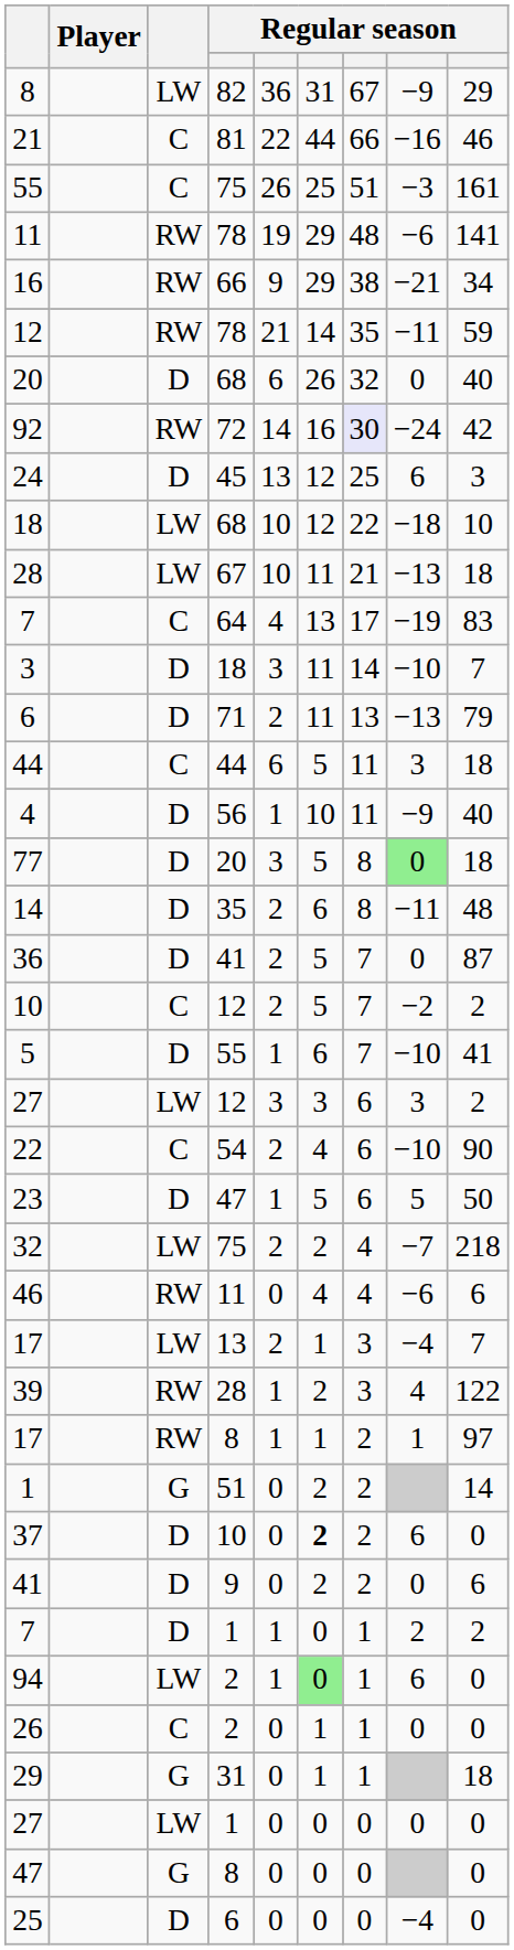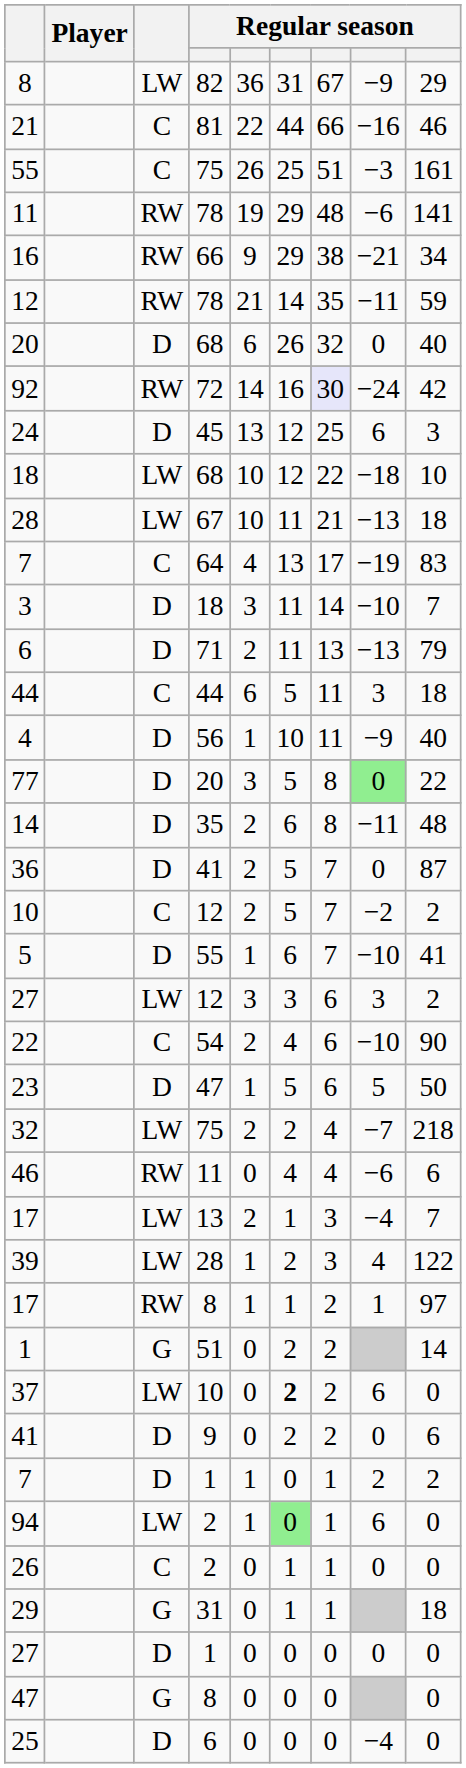 <table class="wikitable sortable plainrowheaders" style="text-align:center;">
 <tr>
 <th scope="col" data-sort-type="number" rowspan="2"></th>
 <th scope="col" rowspan="2">Player</th>
 <th scope="col" rowspan="2"></th>
 <th scope=colgroup colspan=6>Regular season</th>
 </tr>
 <tr>
 <th scope="col" data-sort-type="number"></th>
 <th scope="col" data-sort-type="number"></th>
 <th scope="col" data-sort-type="number"></th>
 <th scope="col" data-sort-type="number"></th>
 <th scope="col" data-sort-type="number"></th>
 <th scope="col" data-sort-type="number"></th>
 </tr>
 <tr>
 <td scope="row">8</td>
 <td align="left"></td>
 <td>LW</td>
 <td>82</td>
 <td>36</td>
 <td>31</td>
 <td>67</td>
 <td>−9</td>
 <td>29</td>
 </tr>
 <tr>
 <td scope="row">21</td>
 <td align="left"></td>
 <td>C</td>
 <td>81</td>
 <td>22</td>
 <td>44</td>
 <td>66</td>
 <td>−16</td>
 <td>46</td>
 </tr>
 <tr>
 <td scope="row">55</td>
 <td align="left"></td>
 <td>C</td>
 <td>75</td>
 <td>26</td>
 <td>25</td>
 <td>51</td>
 <td>−3</td>
 <td>161</td>
 </tr>
 <tr>
 <td scope="row">11</td>
 <td align="left"></td>
 <td>RW</td>
 <td>78</td>
 <td>19</td>
 <td>29</td>
 <td>48</td>
 <td>−6</td>
 <td>141</td>
 </tr>
 <tr>
 <td scope="row">16</td>
 <td align="left"></td>
 <td>RW</td>
 <td>66</td>
 <td>9</td>
 <td>29</td>
 <td>38</td>
 <td>−21</td>
 <td>34</td>
 </tr>
 <tr>
 <td scope="row">12</td>
 <td align="left"></td>
 <td>RW</td>
 <td>78</td>
 <td>21</td>
 <td>14</td>
 <td>35</td>
 <td>−11</td>
 <td>59</td>
 </tr>
 <tr>
 <td scope="row">20</td>
 <td align="left"></td>
 <td>D</td>
 <td>68</td>
 <td>6</td>
 <td>26</td>
 <td>32</td>
 <td>0</td>
 <td>40</td>
 </tr>
 <tr>
 <td scope="row">92</td>
 <td align="left"></td>
 <td>RW</td>
 <td>72</td>
 <td>14</td>
 <td>16</td>
 <td style="background: lavender;">30</td>
 <td>−24</td>
 <td>42</td>
 </tr>
 <tr>
 <td scope="row">24</td>
 <td align="left"></td>
 <td>D</td>
 <td>45</td>
 <td>13</td>
 <td>12</td>
 <td>25</td>
 <td>6</td>
 <td>3</td>
 </tr>
 <tr>
 <td scope="row">18</td>
 <td align="left"></td>
 <td>LW</td>
 <td>68</td>
 <td>10</td>
 <td>12</td>
 <td>22</td>
 <td>−18</td>
 <td>10</td>
 </tr>
 <tr>
 <td scope="row">28</td>
 <td align="left"></td>
 <td>LW</td>
 <td>67</td>
 <td>10</td>
 <td>11</td>
 <td>21</td>
 <td>−13</td>
 <td>18</td>
 </tr>
 <tr>
 <td scope="row">7</td>
 <td align="left"></td>
 <td>C</td>
 <td>64</td>
 <td>4</td>
 <td>13</td>
 <td>17</td>
 <td>−19</td>
 <td>83</td>
 </tr>
 <tr>
 <td scope="row">3</td>
 <td align="left"></td>
 <td>D</td>
 <td>18</td>
 <td>3</td>
 <td>11</td>
 <td>14</td>
 <td>−10</td>
 <td>7</td>
 </tr>
 <tr>
 <td scope="row">6</td>
 <td align="left"></td>
 <td>D</td>
 <td>71</td>
 <td>2</td>
 <td>11</td>
 <td>13</td>
 <td>−13</td>
 <td>79</td>
 </tr>
 <tr>
 <td scope="row">44</td>
 <td align="left"></td>
 <td>C</td>
 <td>44</td>
 <td>6</td>
 <td>5</td>
 <td>11</td>
 <td>3</td>
 <td>18</td>
 </tr>
 <tr>
 <td scope="row">4</td>
 <td align="left"></td>
 <td>D</td>
 <td>56</td>
 <td>1</td>
 <td>10</td>
 <td>11</td>
 <td>−9</td>
 <td>40</td>
 </tr>
 <tr>
 <td scope="row">77</td>
 <td align="left"></td>
 <td>D</td>
 <td>20</td>
 <td>3</td>
 <td>5</td>
 <td>8</td>
 <td style="background: lightgreen;">0</td>
-<td>18</td>
+<td>22</td>
 </tr>
 <tr>
 <td scope="row">14</td>
 <td align="left"></td>
 <td>D</td>
 <td>35</td>
 <td>2</td>
 <td>6</td>
 <td>8</td>
 <td>−11</td>
 <td>48</td>
 </tr>
 <tr>
 <td scope="row">36</td>
 <td align="left"></td>
 <td>D</td>
 <td>41</td>
 <td>2</td>
 <td>5</td>
 <td>7</td>
 <td>0</td>
 <td>87</td>
 </tr>
 <tr>
 <td scope="row">10</td>
 <td align="left"></td>
 <td>C</td>
 <td>12</td>
 <td>2</td>
 <td>5</td>
 <td>7</td>
 <td>−2</td>
 <td>2</td>
 </tr>
 <tr>
 <td scope="row">5</td>
 <td align="left"></td>
 <td>D</td>
 <td>55</td>
 <td>1</td>
 <td>6</td>
 <td>7</td>
 <td>−10</td>
 <td>41</td>
 </tr>
 <tr>
 <td scope="row">27</td>
 <td align="left"></td>
 <td>LW</td>
 <td>12</td>
 <td>3</td>
 <td>3</td>
 <td>6</td>
 <td>3</td>
 <td>2</td>
 </tr>
 <tr>
 <td scope="row">22</td>
 <td align="left"></td>
 <td>C</td>
 <td>54</td>
 <td>2</td>
 <td>4</td>
 <td>6</td>
 <td>−10</td>
 <td>90</td>
 </tr>
 <tr>
 <td scope="row">23</td>
 <td align="left"></td>
 <td>D</td>
 <td>47</td>
 <td>1</td>
 <td>5</td>
 <td>6</td>
 <td>5</td>
 <td>50</td>
 </tr>
 <tr>
 <td scope="row">32</td>
 <td align="left"></td>
 <td>LW</td>
 <td>75</td>
 <td>2</td>
 <td>2</td>
 <td>4</td>
 <td>−7</td>
 <td>218</td>
 </tr>
 <tr>
 <td scope="row">46</td>
 <td align="left"></td>
 <td>RW</td>
 <td>11</td>
 <td>0</td>
 <td>4</td>
 <td>4</td>
 <td>−6</td>
 <td>6</td>
 </tr>
 <tr>
 <td scope="row">17</td>
 <td align="left"></td>
 <td>LW</td>
 <td>13</td>
 <td>2</td>
 <td>1</td>
 <td>3</td>
 <td>−4</td>
 <td>7</td>
 </tr>
 <tr>
 <td scope="row">39</td>
 <td align="left"></td>
-<td>RW</td>
+<td>LW</td>
 <td>28</td>
 <td>1</td>
 <td>2</td>
 <td>3</td>
 <td>4</td>
 <td>122</td>
 </tr>
 <tr>
 <td scope="row">17</td>
 <td align="left"></td>
 <td>RW</td>
 <td>8</td>
 <td>1</td>
 <td>1</td>
 <td>2</td>
 <td>1</td>
 <td>97</td>
 </tr>
 <tr>
 <td scope="row">1</td>
 <td align="left"></td>
 <td>G</td>
 <td>51</td>
 <td>0</td>
 <td>2</td>
 <td>2</td>
 <td style="background:#ccc"></td>
 <td>14</td>
 </tr>
 <tr>
 <td scope="row">37</td>
 <td align="left"></td>
-<td>D</td>
+<td>LW</td>
 <td>10</td>
 <td>0</td>
 <td><strong>2</strong></td>
 <td>2</td>
 <td>6</td>
 <td>0</td>
 </tr>
 <tr>
 <td scope="row">41</td>
 <td align="left"></td>
 <td>D</td>
 <td>9</td>
 <td>0</td>
 <td>2</td>
 <td>2</td>
 <td>0</td>
 <td>6</td>
 </tr>
 <tr>
 <td scope="row">7</td>
 <td align="left"></td>
 <td>D</td>
 <td>1</td>
 <td>1</td>
 <td>0</td>
 <td>1</td>
 <td>2</td>
 <td>2</td>
 </tr>
 <tr>
 <td scope="row">94</td>
 <td align="left"></td>
 <td>LW</td>
 <td>2</td>
 <td>1</td>
 <td style="background: lightgreen;">0</td>
 <td>1</td>
 <td>6</td>
 <td>0</td>
 </tr>
 <tr>
 <td scope="row">26</td>
 <td align="left"></td>
 <td>C</td>
 <td>2</td>
 <td>0</td>
 <td>1</td>
 <td>1</td>
 <td>0</td>
 <td>0</td>
 </tr>
 <tr>
 <td scope="row">29</td>
 <td align="left"></td>
 <td>G</td>
 <td>31</td>
 <td>0</td>
 <td>1</td>
 <td>1</td>
 <td style="background:#ccc"></td>
 <td>18</td>
 </tr>
 <tr>
 <td scope="row">27</td>
 <td align="left"></td>
-<td>LW</td>
+<td>D</td>
 <td>1</td>
 <td>0</td>
 <td>0</td>
 <td>0</td>
 <td>0</td>
 <td>0</td>
 </tr>
 <tr>
 <td scope="row">47</td>
 <td align="left"></td>
 <td>G</td>
 <td>8</td>
 <td>0</td>
 <td>0</td>
 <td>0</td>
 <td style="background:#ccc"></td>
 <td>0</td>
 </tr>
 <tr>
 <td scope="row">25</td>
 <td align="left"></td>
 <td>D</td>
 <td>6</td>
 <td>0</td>
 <td>0</td>
 <td>0</td>
 <td>−4</td>
 <td>0</td>
 </tr>
 </table>
